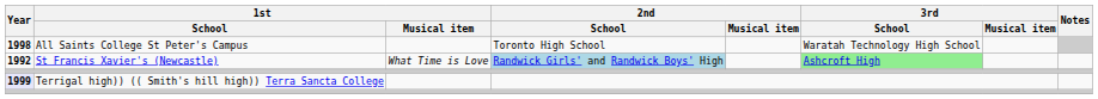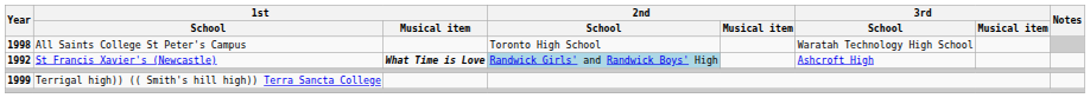 <table class="wikitable sortable">
 <tr>
 <th rowspan=2>Year</th>
 <th colspan=2>1st</th>
 <th colspan=2>2nd</th>
 <th colspan=2>3rd</th>
 <th rowspan=2>Notes</th>
 </tr>
 <tr>
 <th>School</th>
 <th>Musical item</th>
 <th>School</th>
 <th>Musical item</th>
 <th>School</th>
 <th>Musical item</th>
 </tr>
 <tr>
 <td><strong>1998</strong></td>
 <td>All Saints College St Peter's Campus</td>
 <td></td>
 <td>Toronto High School</td>
 <td></td>
 <td>Waratah Technology High School</td>
 <td></td>
 <th colspan=8 style="background: #cccccc;"></th>
 </tr>
 <tr>
 <td><strong>1992</strong></td>
 <td><a href='#'>St Francis Xavier's (Newcastle)</a></td>
-<td><em>What Time is Love</em></td>
+<td><strong><em>What Time is Love</em></strong></td>
 <td style="background: lightblue;"><a href='#'>Randwick Girls'</a> and <a href='#'>Randwick Boys'</a> High</td>
 <td></td>
-<td style="background: lightgreen;"><a href='#'>Ashcroft High</a></td>
+<td><a href='#'>Ashcroft High</a></td>
 <td></td>
 <td></td>
 </tr>
 <tr>
 <th colspan=8 style="background: #cccccc;"></th>
 </tr>
 <tr>
-<td style="background: lavender;"><strong>1999</strong></td>
+<td><strong>1999</strong></td>
 <td>Terrigal high)) (( Smith's hill high)) <a href='#'>Terra Sancta College</a></td>
 <td></td>
 <td colspan=4></td>
 <td></td>
 </tr>
 <tr>
 <th colspan=8 style="background: #cccccc;"></th>
 </tr>
 </table>
